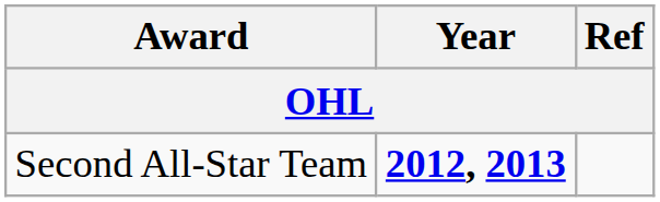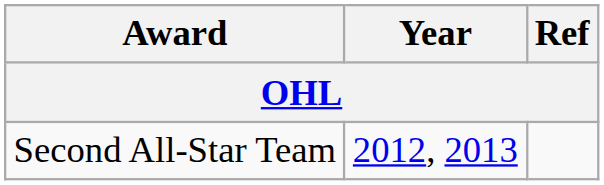 <table class="wikitable">
 <tr>
 <th>Award</th>
 <th>Year</th>
 <th>Ref</th>
 </tr>
 <tr>
 <th colspan="3"><a href='#'>OHL</a></th>
 </tr>
 <tr>
 <td>Second All-Star Team</td>
-<td><strong><a href='#'>2012</a>, <a href='#'>2013</a></strong></td>
+<td><a href='#'>2012</a>, <a href='#'>2013</a></td>
 <td></td>
 </tr>
 </table>
